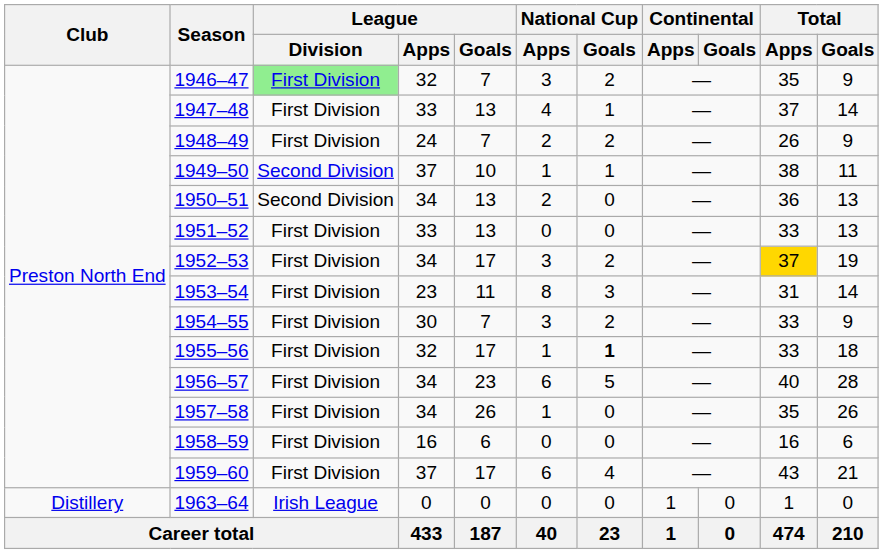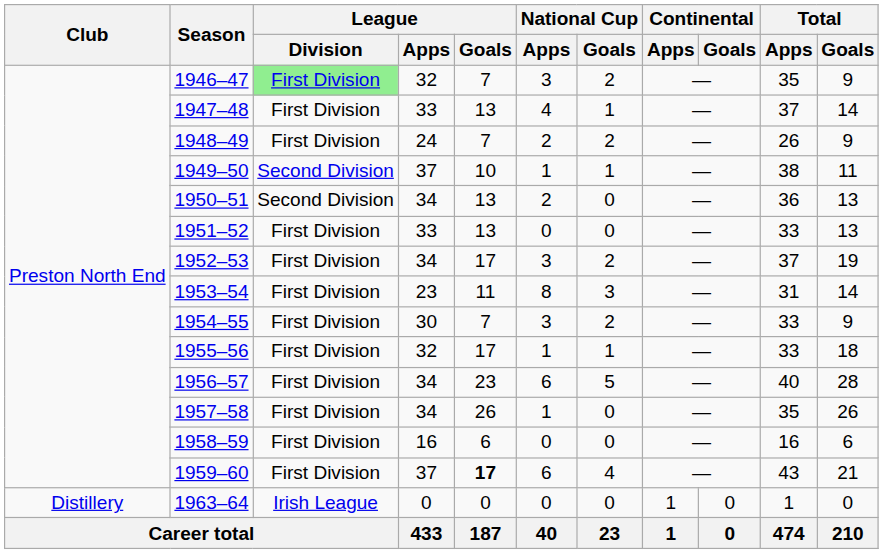 <table class="wikitable" style="text-align:center">
 <tr>
 <th rowspan="2">Club</th>
 <th rowspan="2">Season</th>
 <th colspan="3">League</th>
 <th colspan="2">National Cup</th>
 <th colspan="2">Continental</th>
 <th colspan="2">Total</th>
 </tr>
 <tr>
 <th>Division</th>
 <th>Apps</th>
 <th>Goals</th>
 <th>Apps</th>
 <th>Goals</th>
 <th>Apps</th>
 <th>Goals</th>
 <th>Apps</th>
 <th>Goals</th>
 </tr>
 <tr>
 <td rowspan="14"><a href='#'>Preston North End</a></td>
 <td><a href='#'>1946–47</a></td>
 <td style="background: lightgreen;"><a href='#'>First Division</a></td>
 <td>32</td>
 <td>7</td>
 <td>3</td>
 <td>2</td>
 <td colspan="2">—</td>
 <td>35</td>
 <td>9</td>
 </tr>
 <tr>
 <td><a href='#'>1947–48</a></td>
 <td>First Division</td>
 <td>33</td>
 <td>13</td>
 <td>4</td>
 <td>1</td>
 <td colspan="2">—</td>
 <td>37</td>
 <td>14</td>
 </tr>
 <tr>
 <td><a href='#'>1948–49</a></td>
 <td>First Division</td>
 <td>24</td>
 <td>7</td>
 <td>2</td>
 <td>2</td>
 <td colspan="2">—</td>
 <td>26</td>
 <td>9</td>
 </tr>
 <tr>
 <td><a href='#'>1949–50</a></td>
 <td><a href='#'>Second Division</a></td>
 <td>37</td>
 <td>10</td>
 <td>1</td>
 <td>1</td>
 <td colspan="2">—</td>
 <td>38</td>
 <td>11</td>
 </tr>
 <tr>
 <td><a href='#'>1950–51</a></td>
 <td>Second Division</td>
 <td>34</td>
 <td>13</td>
 <td>2</td>
 <td>0</td>
 <td colspan="2">—</td>
 <td>36</td>
 <td>13</td>
 </tr>
 <tr>
 <td><a href='#'>1951–52</a></td>
 <td>First Division</td>
 <td>33</td>
 <td>13</td>
 <td>0</td>
 <td>0</td>
 <td colspan="2">—</td>
 <td>33</td>
 <td>13</td>
 </tr>
 <tr>
 <td><a href='#'>1952–53</a></td>
 <td>First Division</td>
 <td>34</td>
 <td>17</td>
 <td>3</td>
 <td>2</td>
 <td colspan="2">—</td>
-<td style="background: gold;">37</td>
+<td>37</td>
 <td>19</td>
 </tr>
 <tr>
 <td><a href='#'>1953–54</a></td>
 <td>First Division</td>
 <td>23</td>
 <td>11</td>
 <td>8</td>
 <td>3</td>
 <td colspan="2">—</td>
 <td>31</td>
 <td>14</td>
 </tr>
 <tr>
 <td><a href='#'>1954–55</a></td>
 <td>First Division</td>
 <td>30</td>
 <td>7</td>
 <td>3</td>
 <td>2</td>
 <td colspan="2">—</td>
 <td>33</td>
 <td>9</td>
 </tr>
 <tr>
 <td><a href='#'>1955–56</a></td>
 <td>First Division</td>
 <td>32</td>
 <td>17</td>
 <td>1</td>
-<td><strong>1</strong></td>
+<td>1</td>
 <td colspan="2">—</td>
 <td>33</td>
 <td>18</td>
 </tr>
 <tr>
 <td><a href='#'>1956–57</a></td>
 <td>First Division</td>
 <td>34</td>
 <td>23</td>
 <td>6</td>
 <td>5</td>
 <td colspan="2">—</td>
 <td>40</td>
 <td>28</td>
 </tr>
 <tr>
 <td><a href='#'>1957–58</a></td>
 <td>First Division</td>
 <td>34</td>
 <td>26</td>
 <td>1</td>
 <td>0</td>
 <td colspan="2">—</td>
 <td>35</td>
 <td>26</td>
 </tr>
 <tr>
 <td><a href='#'>1958–59</a></td>
 <td>First Division</td>
 <td>16</td>
 <td>6</td>
 <td>0</td>
 <td>0</td>
 <td colspan="2">—</td>
 <td>16</td>
 <td>6</td>
 </tr>
 <tr>
 <td><a href='#'>1959–60</a></td>
 <td>First Division</td>
 <td>37</td>
-<td>17</td>
+<td><strong>17</strong></td>
 <td>6</td>
 <td>4</td>
 <td colspan="2">—</td>
 <td>43</td>
 <td>21</td>
 </tr>
 <tr>
 <td><a href='#'>Distillery</a></td>
 <td><a href='#'>1963–64</a></td>
 <td><a href='#'>Irish League</a></td>
 <td>0</td>
 <td>0</td>
 <td>0</td>
 <td>0</td>
 <td>1</td>
 <td>0</td>
 <td>1</td>
 <td>0</td>
 </tr>
 <tr>
 <th colspan="3">Career total</th>
 <th>433</th>
 <th>187</th>
 <th>40</th>
 <th>23</th>
 <th>1</th>
 <th>0</th>
 <th>474</th>
 <th>210</th>
 </tr>
 </table>
